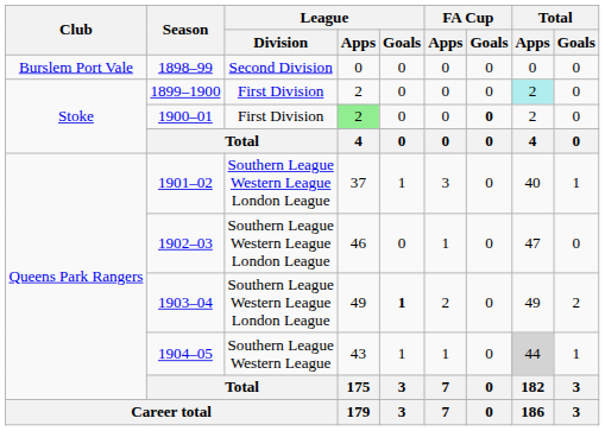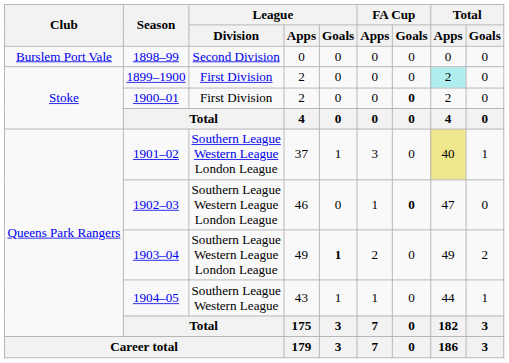 <table class="wikitable" style="text-align: center;">
 <tr>
 <th rowspan="2">Club</th>
 <th rowspan="2">Season</th>
 <th colspan="3">League</th>
 <th colspan="2">FA Cup</th>
 <th colspan="2">Total</th>
 </tr>
 <tr>
 <th>Division</th>
 <th>Apps</th>
 <th>Goals</th>
 <th>Apps</th>
 <th>Goals</th>
 <th>Apps</th>
 <th>Goals</th>
 </tr>
 <tr>
 <td><a href='#'>Burslem Port Vale</a></td>
 <td><a href='#'>1898–99</a></td>
 <td><a href='#'>Second Division</a></td>
 <td>0</td>
 <td>0</td>
 <td>0</td>
 <td>0</td>
 <td>0</td>
 <td>0</td>
 </tr>
 <tr>
 <td rowspan="3"><a href='#'>Stoke</a></td>
 <td><a href='#'>1899–1900</a></td>
 <td><a href='#'>First Division</a></td>
 <td>2</td>
 <td>0</td>
 <td>0</td>
 <td>0</td>
 <td style="background: paleturquoise;">2</td>
 <td>0</td>
 </tr>
 <tr>
 <td><a href='#'>1900–01</a></td>
 <td>First Division</td>
-<td style="background: lightgreen;">2</td>
+<td>2</td>
 <td>0</td>
 <td>0</td>
 <td><strong>0</strong></td>
 <td>2</td>
 <td>0</td>
 </tr>
 <tr>
 <th colspan="2">Total</th>
 <th>4</th>
 <th>0</th>
 <th>0</th>
 <th>0</th>
 <th>4</th>
 <th>0</th>
 </tr>
 <tr>
 <td rowspan="5"><a href='#'>Queens Park Rangers</a></td>
 <td><a href='#'>1901–02</a></td>
 <td><a href='#'>Southern League</a><br><a href='#'>Western League</a><br>London League</td>
 <td>37</td>
 <td>1</td>
 <td>3</td>
 <td>0</td>
-<td>40</td>
+<td style="background: khaki;">40</td>
 <td>1</td>
 </tr>
 <tr>
 <td><a href='#'>1902–03</a></td>
 <td>Southern League<br>Western League<br>London League</td>
 <td>46</td>
 <td>0</td>
 <td>1</td>
-<td>0</td>
+<td><strong>0</strong></td>
 <td>47</td>
 <td>0</td>
 </tr>
 <tr>
 <td><a href='#'>1903–04</a></td>
 <td>Southern League<br>Western League<br>London League</td>
 <td>49</td>
 <td><strong>1</strong></td>
 <td>2</td>
 <td>0</td>
 <td>49</td>
 <td>2</td>
 </tr>
 <tr>
 <td><a href='#'>1904–05</a></td>
 <td>Southern League<br>Western League</td>
 <td>43</td>
 <td>1</td>
 <td>1</td>
 <td>0</td>
-<td style="background: lightgrey;">44</td>
+<td>44</td>
 <td>1</td>
 </tr>
 <tr>
 <th colspan="2">Total</th>
 <th>175</th>
 <th>3</th>
 <th>7</th>
 <th>0</th>
 <th>182</th>
 <th>3</th>
 </tr>
 <tr>
 <th colspan="3">Career total</th>
 <th>179</th>
 <th>3</th>
 <th>7</th>
 <th>0</th>
 <th>186</th>
 <th>3</th>
 </tr>
 </table>
